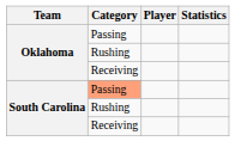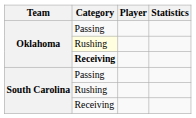 <table class="wikitable" style="float:right">
 <tr>
 <th>Team</th>
 <th>Category</th>
 <th>Player</th>
 <th>Statistics</th>
 </tr>
 <tr>
 <th rowspan=3>Oklahoma</th>
 <td>Passing</td>
 <td></td>
 <td></td>
 </tr>
 <tr>
-<td>Rushing</td>
+<td style="background: lightyellow;">Rushing</td>
 <td></td>
 <td></td>
 </tr>
 <tr>
-<td>Receiving</td>
+<td><strong>Receiving</strong></td>
 <td></td>
 <td></td>
 </tr>
 <tr>
 <th rowspan=3>South Carolina</th>
-<td style="background: lightsalmon;">Passing</td>
+<td>Passing</td>
 <td></td>
 <td></td>
 </tr>
 <tr>
 <td>Rushing</td>
 <td></td>
 <td></td>
 </tr>
 <tr>
 <td>Receiving</td>
 <td></td>
 <td></td>
 </tr>
 </table>
